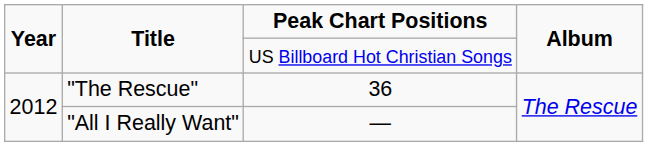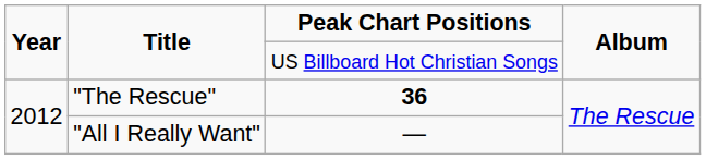 <table class="wikitable"  style="text-align:center">
 <tr>
 <td rowspan="2"><strong>Year</strong></td>
 <td rowspan="2"><strong>Title</strong></td>
 <td colspan="1"><strong>Peak Chart Positions</strong></td>
 <td rowspan="2"><strong>Album</strong></td>
 </tr>
 <tr>
 <td><small>US <a href='#'>Billboard Hot Christian Songs</a></small></td>
 </tr>
 <tr>
 <td rowspan="2" style="text-align:left">2012</td>
 <td style="text-align:left">"The Rescue"</td>
-<td>36</td>
+<td><strong>36</strong></td>
 <td rowspan="2" style="text-align:left"><em><a href='#'>The Rescue</a></em></td>
 </tr>
 <tr>
 <td style="text-align:left">"All I Really Want"</td>
 <td>—</td>
 </tr>
 </table>
